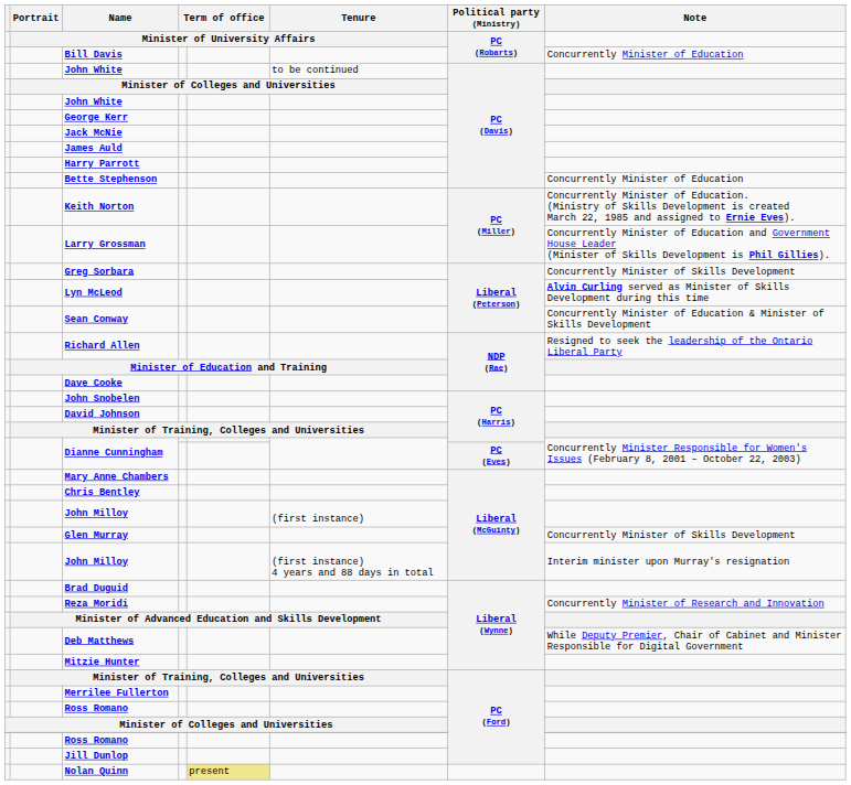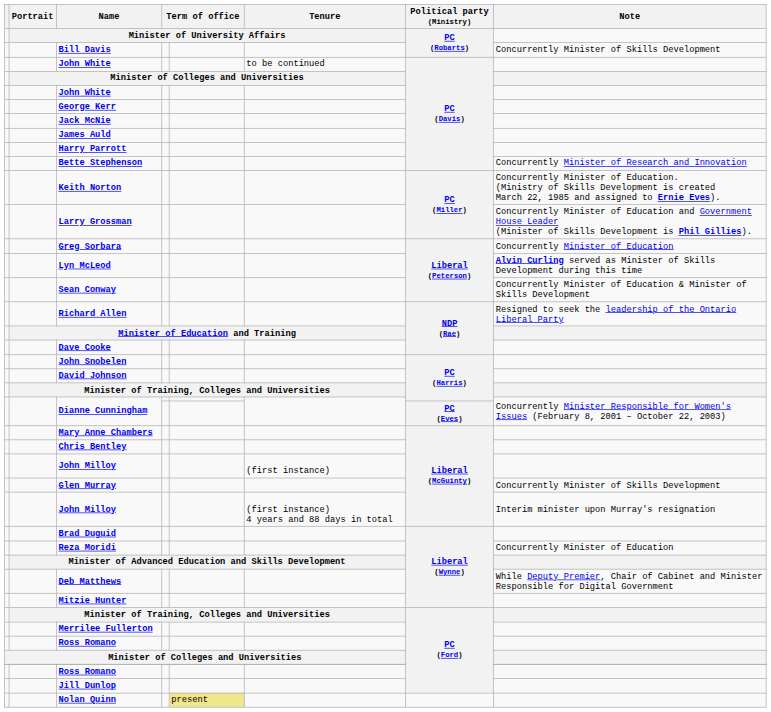 <table class="wikitable" style="width: 90%">
 <tr>
 <th></th>
 <th style="width: 65px;">Portrait</th>
 <th>Name</th>
 <th colspan=2>Term of office</th>
 <th>Tenure</th>
 <th>Political party<br><small>(Ministry)</small></th>
 <th style="width: 400px;">Note</th>
 </tr>
 <tr>
 <td style="background:"></td>
 <th colspan=5><strong>Minister of University Affairs</strong></th>
 <th rowspan=2; style="background:"><a href='#'>PC</a><br><small>(<a href='#'>Robarts</a>)</small></th>
 <td></td>
 </tr>
 <tr>
 <td style="background:"></td>
 <td></td>
 <td><strong><a href='#'>Bill Davis</a></strong></td>
 <td></td>
 <td></td>
 <td></td>
-<td>Concurrently <a href='#'>Minister of Education</a></td>
+<td>Concurrently Minister of Skills Development</td>
 </tr>
 <tr>
 <td style="background:"></td>
 <td></td>
 <td><strong><a href='#'>John White</a></strong></td>
 <td></td>
 <td></td>
 <td>to be continued</td>
 <th rowspan=8; style="background:"><a href='#'>PC</a><br><small>(<a href='#'>Davis</a>)</small></th>
 <td></td>
 </tr>
 <tr>
 <td style="background:"></td>
 <th colspan=5><strong>Minister of Colleges and Universities</strong></th>
 <th></th>
 </tr>
 <tr>
 <td style="background:"></td>
 <td></td>
 <td><strong><a href='#'>John White</a></strong></td>
 <td></td>
 <td></td>
 <td></td>
 <td></td>
 </tr>
 <tr>
 <td style="background:"></td>
 <td></td>
 <td><strong><a href='#'>George Kerr</a></strong></td>
 <td></td>
 <td></td>
 <td></td>
 <td></td>
 </tr>
 <tr>
 <td style="background:"></td>
 <td></td>
 <td><strong><a href='#'>Jack McNie</a></strong></td>
 <td></td>
 <td></td>
 <td></td>
 <td></td>
 </tr>
 <tr>
 <td style="background:"></td>
 <td></td>
 <td><strong><a href='#'>James Auld</a></strong></td>
 <td></td>
 <td></td>
 <td></td>
 <td></td>
 </tr>
 <tr>
 <td style="background:"></td>
 <td></td>
 <td><strong><a href='#'>Harry Parrott</a></strong></td>
 <td></td>
 <td></td>
 <td></td>
 <td></td>
 </tr>
 <tr>
 <td style="background:"></td>
 <td></td>
 <td><strong><a href='#'>Bette Stephenson</a></strong></td>
 <td></td>
 <td></td>
 <td></td>
-<td>Concurrently Minister of Education</td>
+<td>Concurrently <a href='#'>Minister of Research and Innovation</a></td>
 </tr>
 <tr>
 <td style="background:"></td>
 <td></td>
 <td><strong><a href='#'>Keith Norton</a></strong></td>
 <td></td>
 <td></td>
 <td></td>
 <th rowspan=2; style="background:"><a href='#'>PC</a><br><small>(<a href='#'>Miller</a>)</small></th>
 <td>Concurrently Minister of Education. <br>  (Ministry of Skills Development is created <br> March 22, 1985 and assigned to <strong><a href='#'>Ernie Eves</a></strong>).</td>
 </tr>
 <tr>
 <td style="background:"></td>
 <td></td>
 <td><strong><a href='#'>Larry Grossman</a></strong></td>
 <td></td>
 <td></td>
 <td></td>
 <td>Concurrently Minister of Education and <a href='#'>Government House Leader</a> <br> (Minister of Skills Development is <strong><a href='#'>Phil Gillies</a></strong>).</td>
 </tr>
 <tr>
 <td style="background:"></td>
 <td></td>
 <td><strong><a href='#'>Greg Sorbara</a></strong></td>
 <td></td>
 <td></td>
 <td></td>
 <th rowspan=3; style="background:"><a href='#'>Liberal</a><br><small>(<a href='#'>Peterson</a>)</small></th>
-<td>Concurrently Minister of Skills Development</td>
+<td>Concurrently <a href='#'>Minister of Education</a></td>
 </tr>
 <tr>
 <td style="background:"></td>
 <td></td>
 <td><strong><a href='#'>Lyn McLeod</a></strong></td>
 <td></td>
 <td></td>
 <td></td>
 <td><strong><a href='#'>Alvin Curling</a></strong> served as Minister of Skills Development during this time</td>
 </tr>
 <tr>
 <td style="background:"></td>
 <td></td>
 <td><strong><a href='#'>Sean Conway</a></strong></td>
 <td></td>
 <td></td>
 <td></td>
 <td>Concurrently Minister of Education & Minister of Skills Development</td>
 </tr>
 <tr>
 <td style="background:"></td>
 <td></td>
 <td><strong><a href='#'>Richard Allen</a></strong></td>
 <td></td>
 <td></td>
 <td></td>
 <th rowspan=3 ; style="background:"><a href='#'>NDP</a><br><small>(<a href='#'>Rae</a>)</small></th>
 <td>Resigned to seek the <a href='#'>leadership of the Ontario Liberal Party</a></td>
 </tr>
 <tr>
 <td style="background:"></td>
 <th colspan=5><strong><a href='#'>Minister of Education</a> and Training </strong></th>
 <th></th>
 </tr>
 <tr>
 <td style="background:"></td>
 <td></td>
 <td><strong><a href='#'>Dave Cooke</a></strong></td>
 <td></td>
 <td></td>
 <td></td>
 <td></td>
 </tr>
 <tr>
 <td style="background:"></td>
 <td></td>
 <td><strong><a href='#'>John Snobelen</a></strong></td>
 <td></td>
 <td></td>
 <td></td>
 <th rowspan=4 ; style="background:"><a href='#'>PC</a><br><small>(<a href='#'>Harris</a>)</small></th>
 <td></td>
 </tr>
 <tr>
 <td style="background:"></td>
 <td></td>
 <td><strong><a href='#'>David Johnson</a></strong></td>
 <td></td>
 <td></td>
 <td></td>
 <td></td>
 </tr>
 <tr>
 <td style="background:"></td>
 <th colspan=5><strong>Minister of Training, Colleges and Universities</strong></th>
 <th></th>
 </tr>
 <tr>
 <td rowspan=2; style="background:"></td>
 <td rowspan=2></td>
 <td rowspan=2><strong><a href='#'>Dianne Cunningham</a></strong></td>
 <td></td>
 <td></td>
 <td rowspan=2></td>
 <td rowspan=2>Concurrently <a href='#'>Minister Responsible for Women's Issues</a> (February 8, 2001 – October 22, 2003)</td>
 </tr>
 <tr>
 <td></td>
 <td></td>
 <th style="background:"><a href='#'>PC</a><br><small>(<a href='#'>Eves</a>)</small></th>
 </tr>
 <tr>
 <td style="background:"></td>
 <td></td>
 <td><strong><a href='#'>Mary Anne Chambers</a></strong></td>
 <td></td>
 <td></td>
 <td></td>
 <th rowspan=5; style="background:"><a href='#'>Liberal</a><br><small>(<a href='#'>McGuinty</a>)</small></th>
 <td></td>
 </tr>
 <tr>
 <td style="background:"></td>
 <td></td>
 <td><strong><a href='#'>Chris Bentley</a></strong></td>
 <td></td>
 <td></td>
 <td></td>
 <td></td>
 </tr>
 <tr>
 <td style="background:"></td>
 <td></td>
 <td><strong><a href='#'>John Milloy</a></strong></td>
 <td></td>
 <td></td>
 <td><br>(first instance)</td>
 <td></td>
 </tr>
 <tr>
 <td style="background:"></td>
 <td></td>
 <td><strong><a href='#'>Glen Murray</a></strong></td>
 <td></td>
 <td></td>
 <td></td>
 <td>Concurrently Minister of Skills Development</td>
 </tr>
 <tr>
 <td style="background:"></td>
 <td></td>
 <td><strong><a href='#'>John Milloy</a></strong></td>
 <td></td>
 <td></td>
 <td><br>(first instance)<br>4 years and 88 days in total</td>
 <td>Interim minister upon Murray's resignation</td>
 </tr>
 <tr>
 <td style="background:"></td>
 <td></td>
 <td><strong><a href='#'>Brad Duguid</a></strong></td>
 <td></td>
 <td></td>
 <td></td>
 <th rowspan=5; style="background:"><a href='#'>Liberal</a><br><small>(<a href='#'>Wynne</a>)</small></th>
 <td></td>
 </tr>
 <tr>
 <td style="background:"></td>
 <td></td>
 <td><strong><a href='#'>Reza Moridi</a></strong></td>
 <td></td>
 <td></td>
 <td></td>
-<td>Concurrently <a href='#'>Minister of Research and Innovation</a></td>
+<td>Concurrently Minister of Education</td>
 </tr>
 <tr>
 <td style="background:"></td>
 <th colspan=5><strong>Minister of Advanced Education and Skills Development</strong></th>
 <th></th>
 </tr>
 <tr>
 <td style="background:"></td>
 <td></td>
 <td><strong><a href='#'>Deb Matthews</a></strong></td>
 <td></td>
 <td></td>
 <td></td>
 <td>While <a href='#'>Deputy Premier</a>, Chair of Cabinet and Minister Responsible for Digital Government</td>
 </tr>
 <tr>
 <td style="background:"></td>
 <td></td>
 <td><strong><a href='#'>Mitzie Hunter</a></strong></td>
 <td></td>
 <td></td>
 <td></td>
 <td></td>
 </tr>
 <tr>
 <td style="background:"></td>
 <th colspan=5><strong>Minister of Training, Colleges and Universities</strong></th>
 <th rowspan=7; style="background:"><a href='#'>PC</a><br><small>(<a href='#'>Ford</a>)</small></th>
 <th></th>
 </tr>
 <tr>
 <td style="background:"></td>
 <td></td>
 <td><strong><a href='#'>Merrilee Fullerton</a></strong></td>
 <td></td>
 <td></td>
 <td></td>
 <td></td>
 </tr>
 <tr>
 <td style="background:"></td>
 <td></td>
 <td><strong><a href='#'>Ross Romano</a></strong></td>
 <td></td>
 <td></td>
 <td></td>
 <td></td>
 </tr>
 <tr>
 <th colspan=6><strong>Minister of Colleges and Universities</strong></th>
 <th></th>
 </tr>
 <tr>
 </tr>
 <tr>
 <td style="background:"></td>
 <td></td>
 <td><strong><a href='#'>Ross Romano</a></strong></td>
 <td></td>
 <td></td>
 <td></td>
 <td></td>
 </tr>
 <tr>
 <td style="background:"></td>
 <td></td>
 <td><strong><a href='#'>Jill Dunlop</a></strong></td>
 <td></td>
 <td></td>
 <td></td>
 <td></td>
 </tr>
 <tr>
 <td style="background:"></td>
 <td></td>
 <td><strong><a href='#'>Nolan Quinn</a></strong></td>
 <td></td>
 <td style="background: khaki;">present</td>
 <td></td>
 <td></td>
 </tr>
 </table>
